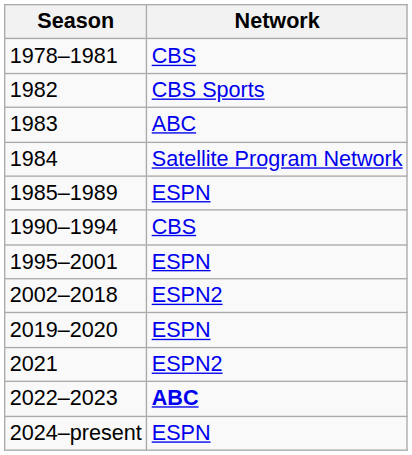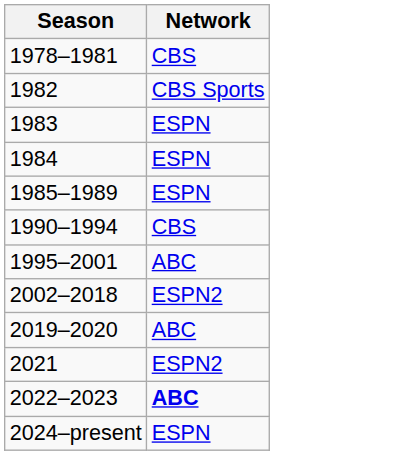 <table class = "wikitable">
 <tr>
 <th width=px>Season</th>
 <th width=px>Network</th>
 </tr>
 <tr>
 <td>1978–1981</td>
 <td><a href='#'>CBS</a></td>
 </tr>
 <tr>
 <td>1982</td>
 <td><a href='#'>CBS Sports</a></td>
 </tr>
 <tr>
 <td>1983</td>
-<td><a href='#'>ABC</a></td>
+<td><a href='#'>ESPN</a></td>
 </tr>
 <tr>
 <td>1984</td>
-<td><a href='#'>Satellite Program Network</a></td>
+<td><a href='#'>ESPN</a></td>
 </tr>
 <tr>
 <td>1985–1989</td>
 <td><a href='#'>ESPN</a></td>
 </tr>
 <tr>
 <td>1990–1994</td>
 <td><a href='#'>CBS</a></td>
 </tr>
 <tr>
 <td>1995–2001</td>
-<td><a href='#'>ESPN</a></td>
+<td><a href='#'>ABC</a></td>
 </tr>
 <tr>
 <td>2002–2018</td>
 <td><a href='#'>ESPN2</a></td>
 </tr>
 <tr>
 <td>2019–2020</td>
-<td><a href='#'>ESPN</a></td>
+<td><a href='#'>ABC</a></td>
 </tr>
 <tr>
 <td>2021</td>
 <td><a href='#'>ESPN2</a></td>
 </tr>
 <tr>
 <td>2022–2023</td>
 <td><strong><a href='#'>ABC</a></strong></td>
 </tr>
 <tr>
 <td>2024–present</td>
 <td><a href='#'>ESPN</a></td>
 </tr>
 </table>
